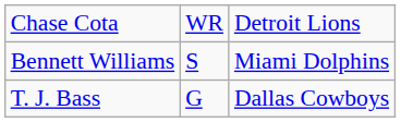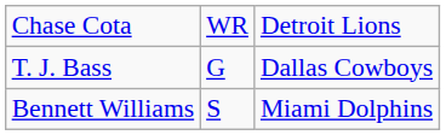 <table class="wikitable">
 <tr>
 <td><a href='#'>Chase Cota</a></td>
 <td><a href='#'>WR</a></td>
 <td><a href='#'>Detroit Lions</a></td>
 </tr>
 <tr>
+<td><a href='#'>T. J. Bass</a></td>
+<td><a href='#'>G</a></td>
+<td><a href='#'>Dallas Cowboys</a></td>
+</tr>
+<tr>
 <td><a href='#'>Bennett Williams</a></td>
 <td><a href='#'>S</a></td>
 <td><a href='#'>Miami Dolphins</a></td>
 </tr>
-<tr>
-<td><a href='#'>T. J. Bass</a></td>
-<td><a href='#'>G</a></td>
-<td><a href='#'>Dallas Cowboys</a></td>
-</tr>
 </table>
